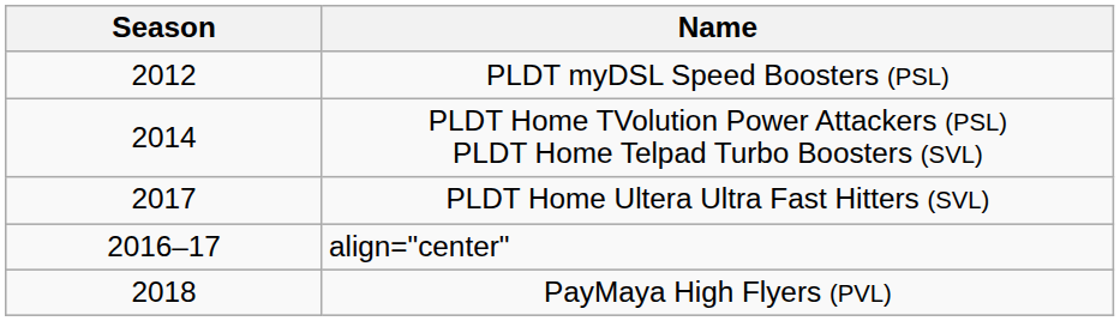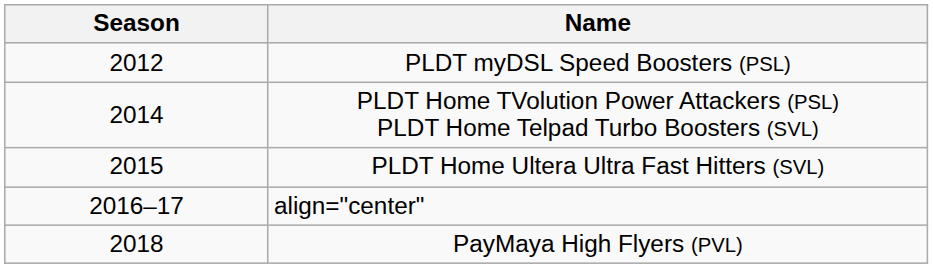 <table class="wikitable">
 <tr>
 <th width="12%">Season</th>
 <th width="30%">Name</th>
 </tr>
 <tr align="left">
 <td rowspan="1" align="center">2012</td>
 <td align="center">PLDT myDSL Speed Boosters <small>(PSL)</small></td>
 </tr>
 <tr align="left">
 <td rowspan="1" align="center">2014</td>
 <td align="center">PLDT Home TVolution Power Attackers <small>(PSL)</small><br>PLDT Home Telpad Turbo Boosters <small>(SVL)</small></td>
 </tr>
 <tr align="left">
-<td align="center">2017</td>
+<td align="center">2015</td>
 <td align="center">PLDT Home Ultera Ultra Fast Hitters  <small>(SVL)</small></td>
 </tr>
 <tr align="left">
 <td align="center">2016–17</td>
 <td>align="center" </td>
 </tr>
 <tr align="left">
 <td align="center">2018</td>
 <td align="center">PayMaya High Flyers <small>(PVL)</small></td>
 </tr>
 </table>
